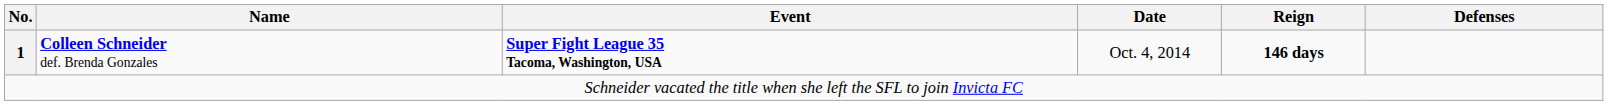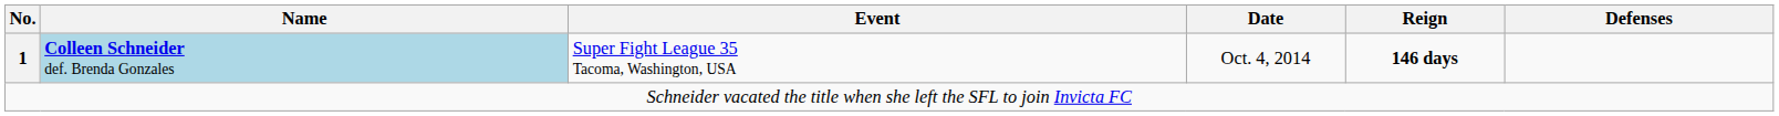 <table class="wikitable" width="99%">
 <tr>
 <th width="2%">No.</th>
 <th>Name</th>
 <th>Event</th>
 <th width="9%">Date</th>
 <th width="9%">Reign</th>
 <th>Defenses</th>
 </tr>
 <tr>
 <th>1</th>
-<td> <strong><a href='#'>Colleen Schneider</a></strong><br><small>def. Brenda Gonzales</small></td>
-<td><strong><a href='#'>Super Fight League 35</a><br><small>Tacoma, Washington, USA</small></strong></td>
+<td style="background: lightblue;"> <strong><a href='#'>Colleen Schneider</a></strong><br><small>def. Brenda Gonzales</small></td>
+<td><a href='#'>Super Fight League 35</a><br><small>Tacoma, Washington, USA</small></td>
 <td align="center">Oct. 4, 2014</td>
 <td align="center"><strong>146 days</strong></td>
 <td></td>
 </tr>
 <tr>
 <td align="center" colspan="6"><em>Schneider vacated the title when she left the SFL to join <a href='#'>Invicta FC</a></em></td>
 </tr>
 </table>
